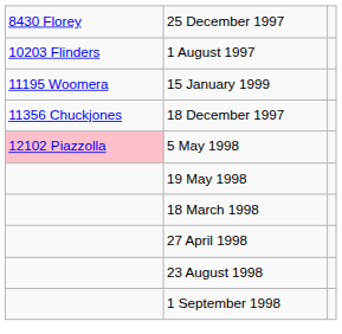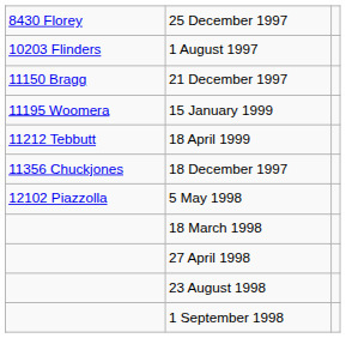 <table class="wikitable" style="font-size: 89%; float: left; width: 24em; margin-right: 1em; line-height: 1.65em !important; height: 324px;">
 <tr>
 <td><a href='#'>8430 Florey</a></td>
 <td>25 December 1997</td>
 <td></td>
 </tr>
 <tr>
 <td><a href='#'>10203 Flinders</a></td>
 <td>1 August 1997</td>
 <td></td>
 </tr>
 <tr>
+<td><a href='#'>11150 Bragg</a></td>
+<td>21 December 1997</td>
+<td></td>
+</tr>
+<tr>
 <td><a href='#'>11195 Woomera</a></td>
 <td>15 January 1999</td>
+<td></td>
+</tr>
+<tr>
+<td><a href='#'>11212 Tebbutt</a></td>
+<td>18 April 1999</td>
 <td></td>
 </tr>
 <tr>
 <td><a href='#'>11356 Chuckjones</a></td>
 <td>18 December 1997</td>
 <td></td>
 </tr>
 <tr>
-<td style="background: pink;"><a href='#'>12102 Piazzolla</a></td>
+<td><a href='#'>12102 Piazzolla</a></td>
 <td>5 May 1998</td>
-<td></td>
-</tr>
-<tr>
-<td></td>
-<td>19 May 1998</td>
 <td></td>
 </tr>
 <tr>
 <td></td>
 <td>18 March 1998</td>
 <td></td>
 </tr>
 <tr>
 <td></td>
 <td>27 April 1998</td>
 <td></td>
 </tr>
 <tr>
 <td></td>
 <td>23 August 1998</td>
 <td></td>
 </tr>
 <tr>
 <td></td>
 <td>1 September 1998</td>
 <td></td>
 </tr>
 </table>
